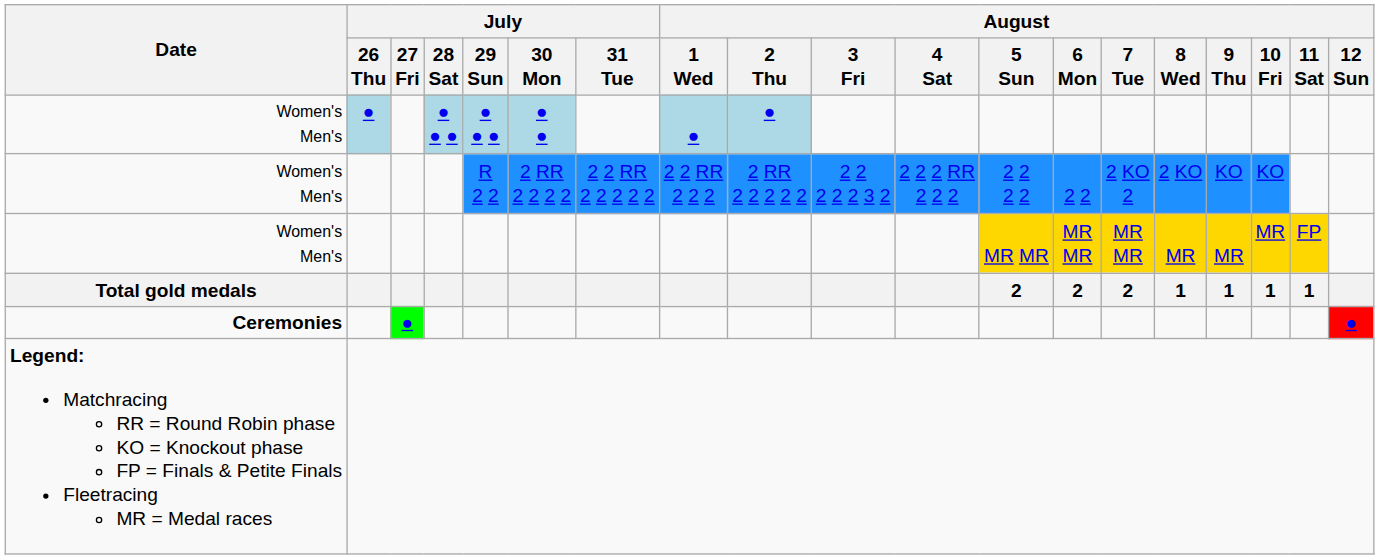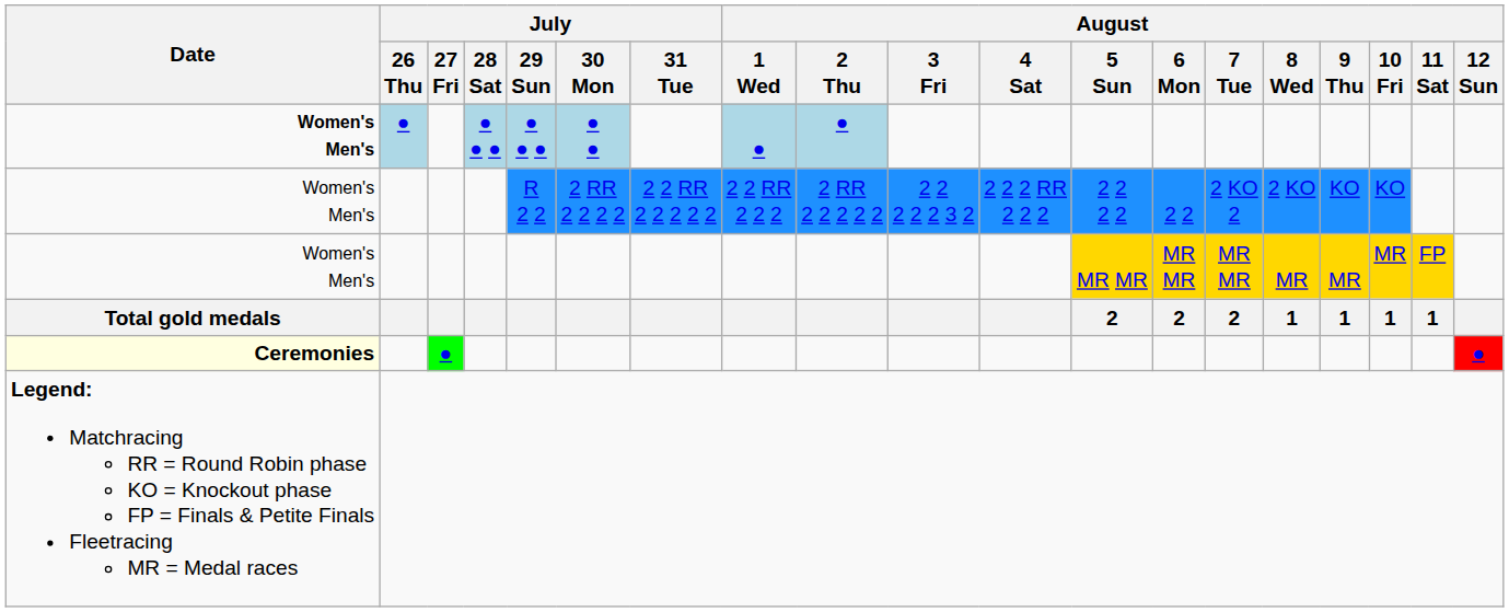 <table class="wikitable" style="margin:0.5em auto; font-size:90%; line-height:1.25em;">
 <tr>
 <th rowspan=2>Date</th>
 <th colspan=6>July</th>
 <th colspan=12>August</th>
 </tr>
 <tr>
 <th>26<br>Thu</th>
 <th>27<br>Fri</th>
 <th>28<br>Sat</th>
 <th>29<br>Sun</th>
 <th>30<br>Mon</th>
 <th>31<br>Tue</th>
 <th>1<br>Wed</th>
 <th>2<br>Thu</th>
 <th>3<br>Fri</th>
 <th>4<br>Sat</th>
 <th>5<br>Sun</th>
 <th>6<br>Mon</th>
 <th>7<br>Tue</th>
 <th>8<br>Wed</th>
 <th>9<br>Thu</th>
 <th>10<br>Fri</th>
 <th>11<br>Sat</th>
 <th>12<br>Sun</th>
 </tr>
 <tr align="center">
-<td align="right"><small>Women's</small><br><small>Men's</small></td>
+<td align="right"><strong><small>Women's</small><br><small>Men's</small></strong></td>
 <td bgcolor=LightBlue><span> <a href='#'>●</a> <br>   </span></td>
 <td></td>
 <td bgcolor=LightBlue><span> <a href='#'>●</a> <br> <a href='#'>●</a> <a href='#'>●</a> </span></td>
 <td bgcolor=LightBlue><span> <a href='#'>●</a> <br> <a href='#'>●</a> <a href='#'>●</a> </span></td>
 <td bgcolor=LightBlue><span> <a href='#'>●</a> <br> <a href='#'>●</a> </span></td>
 <td></td>
 <td bgcolor=LightBlue><span>   <br> <a href='#'>●</a> </span></td>
 <td bgcolor=LightBlue><span> <a href='#'>●</a> <br>    </span></td>
 <td></td>
 <td></td>
 <td></td>
 <td></td>
 <td></td>
 <td></td>
 <td></td>
 <td></td>
 <td></td>
 <td></td>
 </tr>
 <tr align="center">
 <td align="right"><small>Women's</small><br><small>Men's</small></td>
 <td></td>
 <td></td>
 <td></td>
 <td bgcolor=DodgerBlue><span> <a href='#'>R</a>                                                          <br> <a href='#'>2</a>  <a href='#'>2</a> </span></td>
 <td bgcolor=DodgerBlue><span> <a href='#'>2</a> <a href='#'>RR</a> <br> <a href='#'>2</a> <a href='#'>2</a> <a href='#'>2</a> <a href='#'>2</a> </span></td>
 <td bgcolor=DodgerBlue><span> <a href='#'>2</a> <a href='#'>2</a> <a href='#'>RR</a> <br> <a href='#'>2</a> <a href='#'>2</a> <a href='#'>2</a> <a href='#'>2</a> <a href='#'>2</a> </span></td>
 <td bgcolor=DodgerBlue><span> <a href='#'>2</a> <a href='#'>2</a> <a href='#'>RR</a> <br> <a href='#'>2</a> <a href='#'>2</a> <a href='#'>2</a> </span></td>
 <td bgcolor=DodgerBlue><span> <a href='#'>2</a> <a href='#'>RR</a> <br> <a href='#'>2</a> <a href='#'>2</a> <a href='#'>2</a> <a href='#'>2</a> <a href='#'>2</a> </span></td>
 <td bgcolor=DodgerBlue><span> <a href='#'>2</a> <a href='#'>2</a> <br> <a href='#'>2</a> <a href='#'>2</a> <a href='#'>2</a> <a href='#'>3</a> <a href='#'>2</a> </span></td>
 <td bgcolor=DodgerBlue><span> <a href='#'>2</a> <a href='#'>2</a> <a href='#'>2</a> <a href='#'>RR</a> <br> <a href='#'>2</a> <a href='#'>2</a> <a href='#'>2</a> </span></td>
 <td bgcolor=DodgerBlue><span>  <a href='#'>2</a> <a href='#'>2</a> <br> <a href='#'>2</a> <a href='#'>2</a> </span></td>
 <td bgcolor=DodgerBlue><span>   <br> <a href='#'>2</a> <a href='#'>2</a> </span></td>
 <td bgcolor=DodgerBlue><span> <a href='#'>2</a> <a href='#'>KO</a> <br> <a href='#'>2</a> </span></td>
 <td bgcolor=DodgerBlue><span> <a href='#'>2</a> <a href='#'>KO</a> <br>   </span></td>
 <td bgcolor=DodgerBlue><span> <a href='#'>KO</a> <br>   </span></td>
 <td bgcolor=DodgerBlue><span> <a href='#'>KO</a> <br>   </span></td>
 <td></td>
 <td></td>
 </tr>
 <tr align="center">
 <td align="right"><small>Women's</small><br><small>Men's</small></td>
 <td></td>
 <td></td>
 <td></td>
 <td></td>
 <td></td>
 <td></td>
 <td></td>
 <td></td>
 <td></td>
 <td></td>
 <td bgcolor=Gold><span>   <br> <a href='#'>MR</a> <a href='#'>MR</a> </span></td>
 <td bgcolor=Gold><span> <a href='#'>MR</a> <br> <a href='#'>MR</a> </span></td>
 <td bgcolor=Gold><span> <a href='#'>MR</a> <br> <a href='#'>MR</a> </span></td>
 <td bgcolor=Gold><span>   <br> <a href='#'>MR</a> </span></td>
 <td bgcolor=Gold><span>   <br> <a href='#'>MR</a> </span></td>
 <td bgcolor=Gold><span> <a href='#'>MR</a> <br>   </span></td>
 <td bgcolor=Gold><span> <a href='#'>FP</a> <br>   </span></td>
 <td></td>
 </tr>
 <tr align="right">
 <th>Total gold medals</th>
 <th></th>
 <th></th>
 <th></th>
 <th></th>
 <th></th>
 <th></th>
 <th></th>
 <th></th>
 <th></th>
 <th></th>
 <th>2</th>
 <th>2</th>
 <th>2</th>
 <th>1</th>
 <th>1</th>
 <th>1</th>
 <th>1</th>
 <th></th>
 </tr>
 <tr align="right">
-<td><strong>Ceremonies</strong></td>
+<td style="background: lightyellow;"><strong>Ceremonies</strong></td>
 <td></td>
 <td bgcolor=Lime align=center><a href='#'>●</a></td>
 <td></td>
 <td></td>
 <td></td>
 <td></td>
 <td></td>
 <td></td>
 <td></td>
 <td></td>
 <td></td>
 <td></td>
 <td></td>
 <td></td>
 <td></td>
 <td></td>
 <td></td>
 <td bgcolor=Red align=center><a href='#'>●</a></td>
 </tr>
 <tr>
 <td><strong>Legend:</strong><br><ul><li>Matchracing<ul><li>RR = Round Robin phase</li><li>KO = Knockout phase</li><li>FP = Finals & Petite Finals</li></ul></li><li>Fleetracing<ul><li>MR = Medal races</li></ul></li></ul></td>
 </tr>
 </table>
